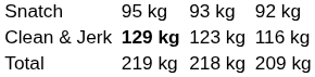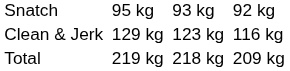 <table>
 <tr>
 <td>Snatch</td>
 <td></td>
 <td>95 kg</td>
 <td></td>
 <td>93 kg</td>
 <td></td>
 <td>92 kg</td>
 </tr>
 <tr>
 <td>Clean & Jerk</td>
 <td></td>
-<td><strong>129 kg</strong></td>
+<td>129 kg</td>
 <td></td>
 <td>123 kg</td>
 <td></td>
 <td>116 kg</td>
 </tr>
 <tr>
 <td>Total</td>
 <td></td>
 <td>219 kg</td>
 <td></td>
 <td>218 kg</td>
 <td></td>
 <td>209 kg</td>
 </tr>
 </table>
